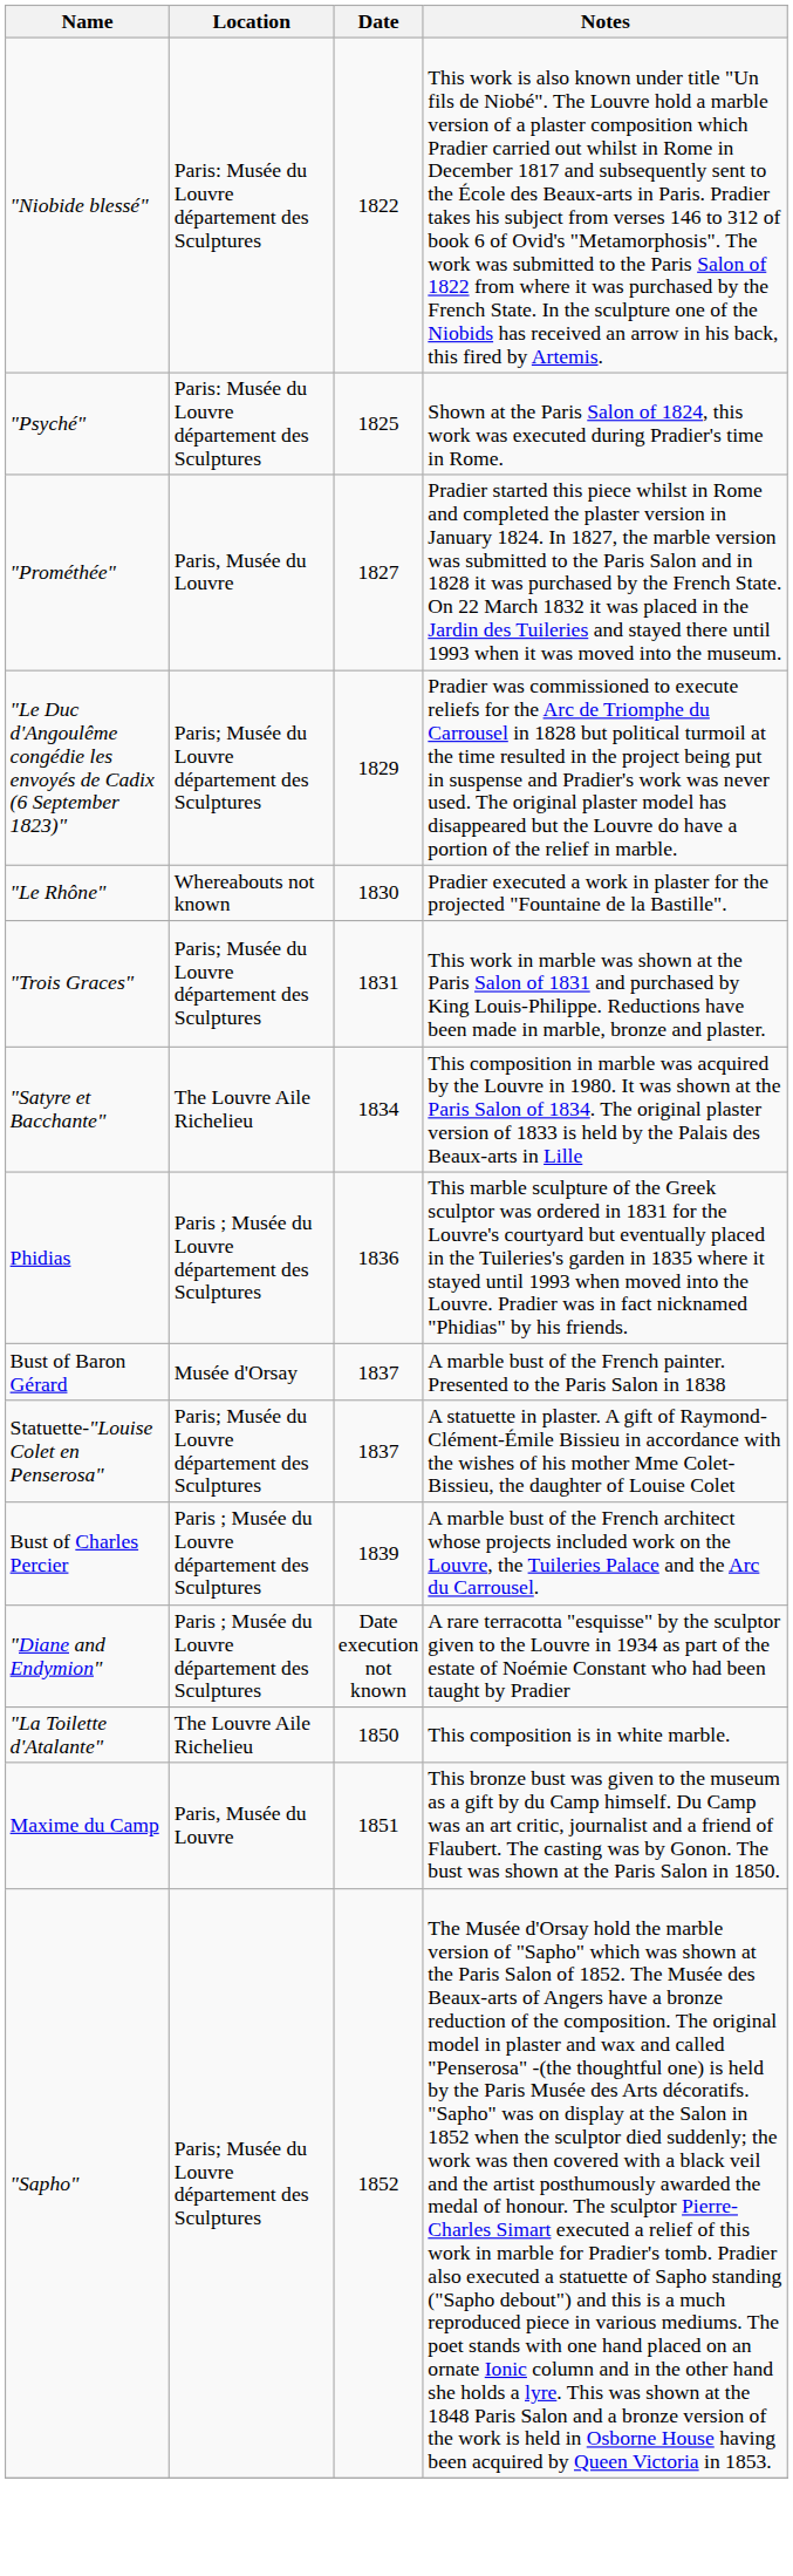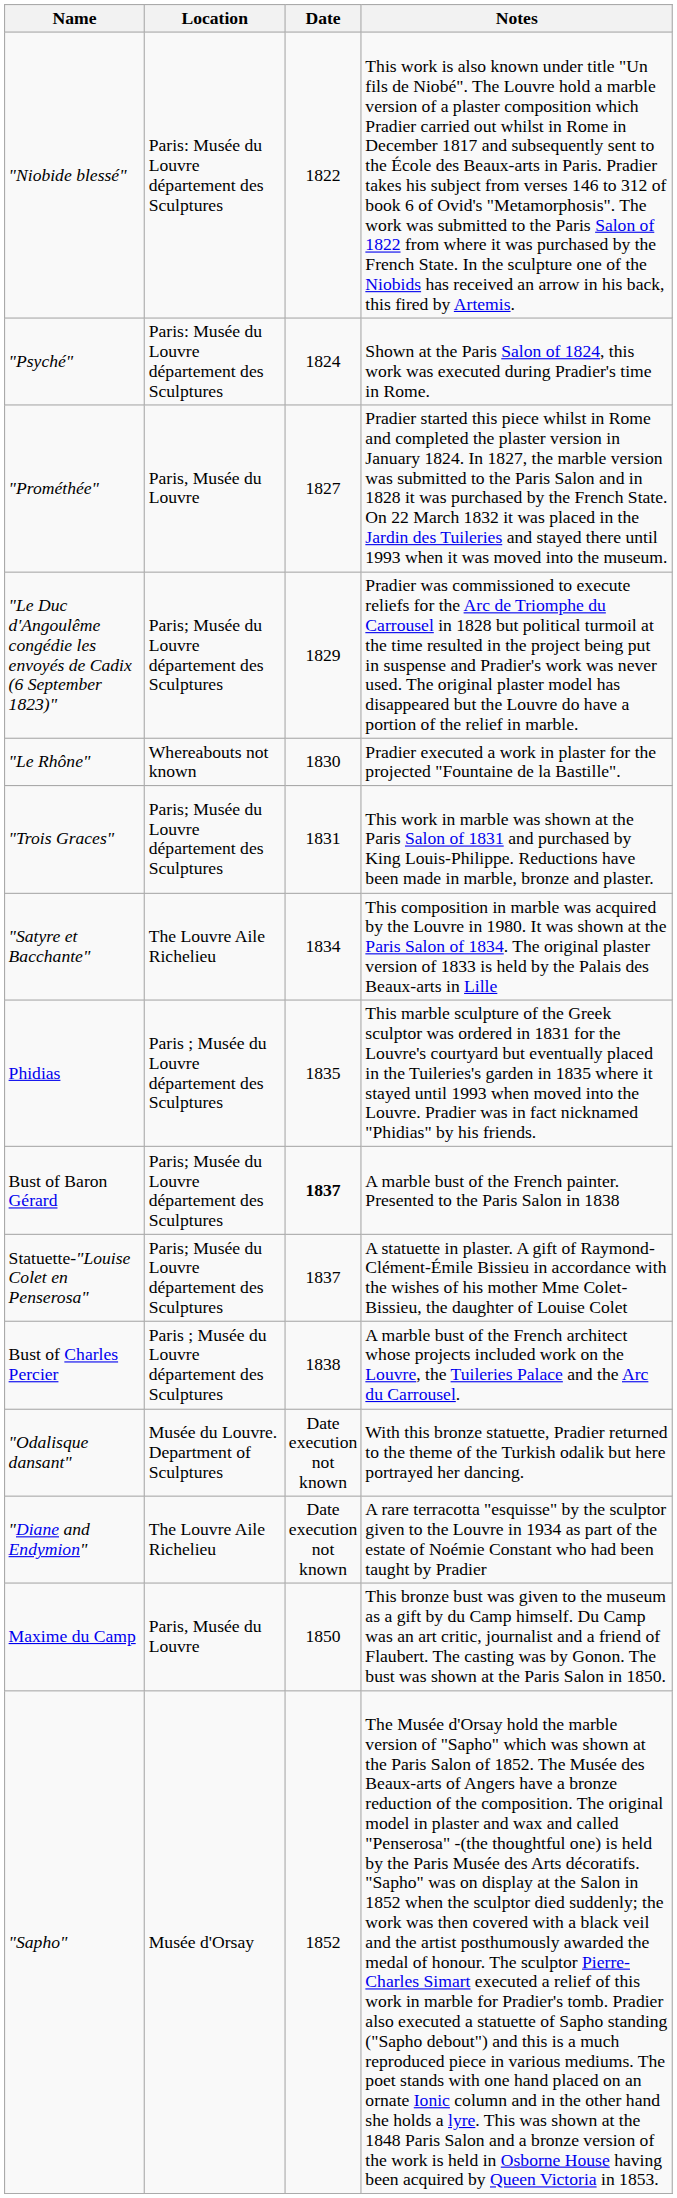 <table class="wikitable sortable plainrowheaders">
 <tr>
 <th style="width:120px">Name</th>
 <th style="width:120px">Location</th>
 <th style="width:50px">Date</th>
 <th class="unsortable">Notes</th>
 </tr>
 <tr>
 <td><em>"Niobide blessé"</em></td>
 <td>Paris: Musée du Louvre département des Sculptures</td>
 <td align="center">1822</td>
 <td><br>This work is also known under title "Un fils de Niobé". The Louvre hold a marble version of a plaster composition which Pradier carried out whilst in Rome in December 1817 and subsequently sent to the École des Beaux-arts in Paris. Pradier takes his subject from verses 146 to 312 of book 6 of Ovid's "Metamorphosis". The work was submitted to the Paris <a href='#'>Salon of 1822</a> from where it was purchased by the French State. In the sculpture one of the <a href='#'>Niobids</a> has received an arrow in his back, this fired by <a href='#'>Artemis</a>.</td>
 </tr>
 <tr>
 <td><em>"Psyché"</em></td>
 <td>Paris: Musée du Louvre département des Sculptures</td>
-<td align="center">1825</td>
+<td align="center">1824</td>
 <td><br>Shown at the Paris <a href='#'>Salon of 1824</a>, this work was executed during Pradier's time in Rome.  </td>
 </tr>
 <tr>
 <td><em>"Prométhée"</em></td>
 <td>Paris, Musée du Louvre</td>
 <td align="center">1827</td>
 <td>Pradier started this piece whilst in Rome and completed the plaster version in January 1824.  In 1827, the marble version was submitted to the Paris Salon and in 1828 it was purchased by the French State.  On 22 March 1832 it was placed in the <a href='#'>Jardin des Tuileries</a> and stayed there until 1993 when it was moved into the museum.<br></td>
 </tr>
 <tr>
 <td><em>"Le Duc d'Angoulême congédie les envoyés de Cadix (6 September 1823)"</em></td>
 <td>Paris; Musée du Louvre département des Sculptures</td>
 <td align="center">1829</td>
 <td>Pradier was commissioned to execute reliefs for the <a href='#'>Arc de Triomphe du Carrousel</a> in 1828 but political turmoil at the time resulted in the project being put in suspense and Pradier's work was never used. The original plaster model has disappeared but the Louvre do have a portion of the relief in marble.<br></td>
 </tr>
 <tr>
 <td><em>"Le Rhône"</em></td>
 <td>Whereabouts not known</td>
 <td align="center">1830</td>
 <td>Pradier executed a work in plaster for the projected "Fountaine de la Bastille".</td>
 </tr>
 <tr>
 <td><em>"Trois Graces"</em></td>
 <td>Paris; Musée du Louvre département des Sculptures</td>
 <td align="center">1831</td>
 <td><br>This work in marble was shown at the Paris <a href='#'>Salon of 1831</a> and purchased by King Louis-Philippe. Reductions have been made in marble, bronze and plaster.</td>
 </tr>
 <tr>
 <td><em>"Satyre et Bacchante"</em></td>
 <td>The Louvre Aile Richelieu</td>
 <td align="center">1834</td>
 <td>This composition in marble was acquired by the Louvre in 1980. It was shown at the <a href='#'>Paris Salon of 1834</a>. The original plaster version of 1833 is held by the Palais des Beaux-arts in <a href='#'>Lille</a></td>
 </tr>
 <tr>
 <td><a href='#'>Phidias</a></td>
 <td>Paris ; Musée du Louvre département des Sculptures</td>
-<td align="center">1836</td>
+<td align="center">1835</td>
 <td>This marble sculpture of the Greek sculptor was ordered in 1831 for the Louvre's courtyard but eventually placed in the Tuileries's garden in 1835 where it stayed until 1993 when moved into the Louvre. Pradier was in fact nicknamed "Phidias" by his friends.<br>  </td>
 </tr>
 <tr>
 <td>Bust of Baron <a href='#'>Gérard</a></td>
-<td>Musée d'Orsay</td>
-<td align="center">1837</td>
+<td>Paris; Musée du Louvre département des Sculptures</td>
+<td align="center"><strong>1837</strong></td>
 <td>A marble bust of the French painter. Presented to the Paris Salon in 1838</td>
 </tr>
 <tr>
 <td>Statuette-<em>"Louise Colet en Penserosa"</em></td>
 <td>Paris; Musée du Louvre département des Sculptures</td>
 <td align="center">1837</td>
 <td>A statuette in plaster. A gift of Raymond-Clément-Émile Bissieu in accordance with the wishes of his mother Mme Colet-Bissieu, the daughter of Louise Colet<br></td>
 </tr>
 <tr>
 <td>Bust of <a href='#'>Charles Percier</a></td>
 <td>Paris ; Musée du Louvre département des Sculptures</td>
-<td align="center">1839</td>
+<td align="center">1838</td>
 <td>A marble bust of the French architect whose projects included work on the <a href='#'>Louvre</a>, the <a href='#'>Tuileries Palace</a> and the <a href='#'>Arc du Carrousel</a>.<br></td>
 </tr>
 <tr>
+<td><em>"Odalisque dansant"</em></td>
+<td>Musée du Louvre. Department of Sculptures</td>
+<td align="center">Date execution not known</td>
+<td>With this bronze statuette, Pradier returned to the theme of the Turkish odalik but here portrayed her dancing.<br></td>
+</tr>
+<tr>
 <td><em>"<a href='#'>Diane</a> and <a href='#'>Endymion</a>"</em></td>
-<td>Paris ; Musée du Louvre département des Sculptures</td>
+<td>The Louvre Aile Richelieu</td>
 <td align="center">Date execution not known</td>
 <td>A rare terracotta "esquisse" by the sculptor given to the Louvre in 1934 as part of the estate of Noémie Constant who had been taught by Pradier</td>
 </tr>
 <tr>
-<td><em>"La Toilette d'Atalante"</em></td>
-<td>The Louvre Aile Richelieu</td>
-<td align="center">1850</td>
-<td>This composition is in white marble.<br></td>
-</tr>
-<tr>
 <td><a href='#'>Maxime du Camp</a></td>
 <td>Paris, Musée du Louvre</td>
-<td align="center">1851</td>
+<td align="center">1850</td>
 <td>This bronze bust was given to the museum as a gift by du Camp himself. Du Camp was an art critic, journalist and a friend of Flaubert. The casting was by Gonon. The bust was shown at the Paris Salon in 1850.<br> </td>
 </tr>
 <tr>
 <td><em>"Sapho"</em></td>
-<td>Paris; Musée du Louvre département des Sculptures</td>
+<td>Musée d'Orsay</td>
 <td align="center">1852</td>
 <td><br>The Musée d'Orsay hold the marble version of "Sapho" which was shown at the Paris Salon of 1852. The Musée des Beaux-arts of Angers have a bronze reduction of the composition. The original model in plaster and wax and called  "Penserosa" -(the thoughtful one) is held by the Paris Musée des Arts décoratifs. "Sapho" was on display at the Salon in 1852 when the sculptor died suddenly; the work was then covered with a black veil and the artist posthumously awarded the medal of honour. The sculptor <a href='#'>Pierre-Charles Simart</a> executed a relief of this work in marble for Pradier's tomb. Pradier also executed a statuette of Sapho standing ("Sapho debout") and this is a much reproduced piece in various mediums. The poet stands with one hand placed on an ornate <a href='#'>Ionic</a> column and in the other hand she holds a <a href='#'>lyre</a>. This was shown at the 1848 Paris Salon and a bronze version of the work is held in <a href='#'>Osborne House</a> having been acquired by <a href='#'>Queen Victoria</a> in 1853.  </td>
 </tr>
 <tr>
 </tr>
 </table>
